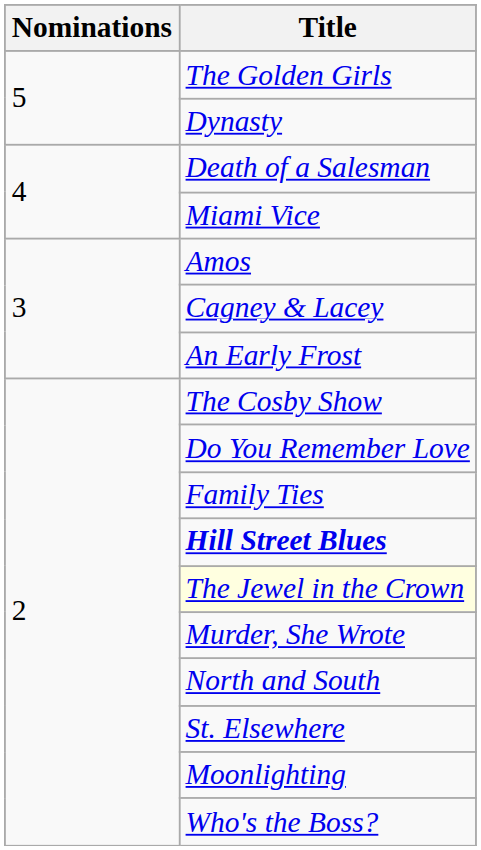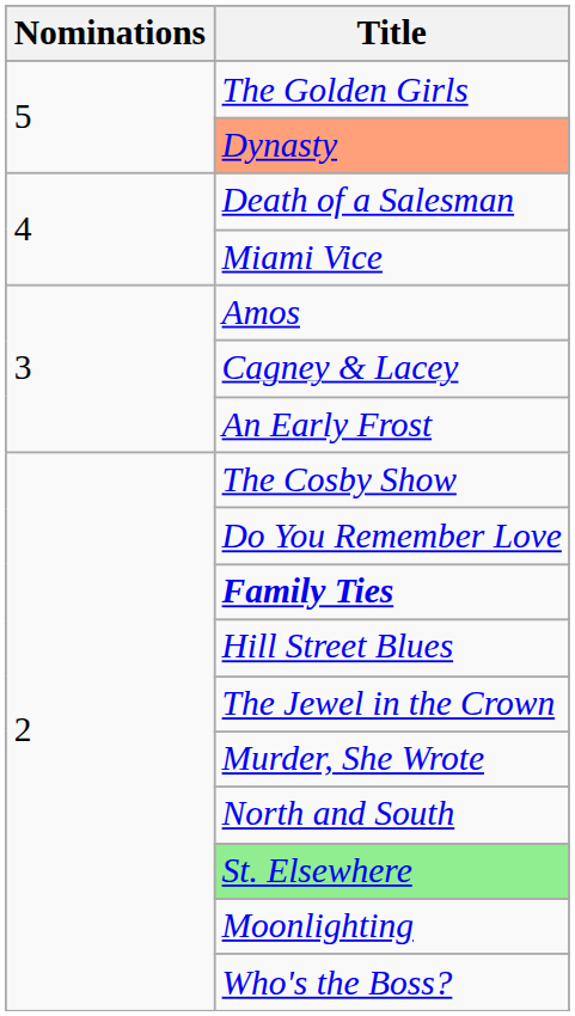 <table class="wikitable">
 <tr>
 <th>Nominations</th>
 <th>Title</th>
 </tr>
 <tr>
 <td rowspan="2">5</td>
 <td><em><a href='#'>The Golden Girls</a></em></td>
 </tr>
 <tr>
-<td><em><a href='#'>Dynasty</a></em></td>
+<td style="background: lightsalmon;"><em><a href='#'>Dynasty</a></em></td>
 </tr>
 <tr>
 <td rowspan="2">4</td>
 <td><em><a href='#'>Death of a Salesman</a></em></td>
 </tr>
 <tr>
 <td><em><a href='#'>Miami Vice</a></em></td>
 </tr>
 <tr>
 <td rowspan="3">3</td>
 <td><em><a href='#'>Amos</a></em></td>
 </tr>
 <tr>
 <td><em><a href='#'>Cagney & Lacey</a></em></td>
 </tr>
 <tr>
 <td><em><a href='#'>An Early Frost</a></em></td>
 </tr>
 <tr>
 <td rowspan="10">2</td>
 <td><em><a href='#'>The Cosby Show</a></em></td>
 </tr>
 <tr>
 <td><em><a href='#'>Do You Remember Love</a></em></td>
 </tr>
 <tr>
-<td><em><a href='#'>Family Ties</a></em></td>
+<td><strong><em><a href='#'>Family Ties</a></em></strong></td>
 </tr>
 <tr>
-<td><strong><em><a href='#'>Hill Street Blues</a></em></strong></td>
+<td><em><a href='#'>Hill Street Blues</a></em></td>
 </tr>
 <tr>
-<td style="background: lightyellow;"><em><a href='#'>The Jewel in the Crown</a></em></td>
+<td><em><a href='#'>The Jewel in the Crown</a></em></td>
 </tr>
 <tr>
 <td><em><a href='#'>Murder, She Wrote</a></em></td>
 </tr>
 <tr>
 <td><em><a href='#'>North and South</a></em></td>
 </tr>
 <tr>
-<td><em><a href='#'>St. Elsewhere</a></em></td>
+<td style="background: lightgreen;"><em><a href='#'>St. Elsewhere</a></em></td>
 </tr>
 <tr>
 <td><em><a href='#'>Moonlighting</a></em></td>
 </tr>
 <tr>
 <td><em><a href='#'>Who's the Boss?</a></em></td>
 </tr>
 </table>
